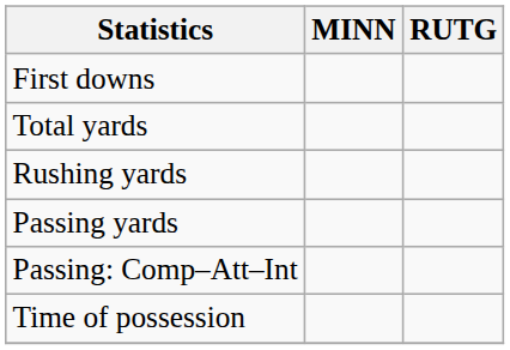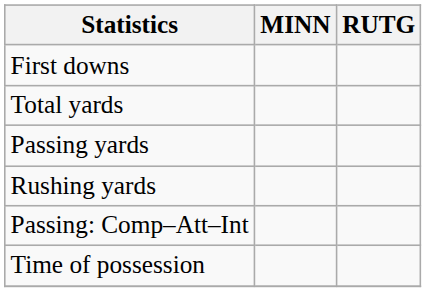 <table class="wikitable" style="float: left;">
 <tr>
 <th>Statistics</th>
 <th>MINN</th>
 <th>RUTG</th>
 </tr>
 <tr>
 <td>First downs</td>
 <td></td>
 <td></td>
 </tr>
 <tr>
 <td>Total yards</td>
 <td></td>
 <td></td>
 </tr>
 <tr>
-<td>Rushing yards</td>
+<td>Passing yards</td>
 <td></td>
 <td></td>
 </tr>
 <tr>
-<td>Passing yards</td>
+<td>Rushing yards</td>
 <td></td>
 <td></td>
 </tr>
 <tr>
 <td>Passing: Comp–Att–Int</td>
 <td></td>
 <td></td>
 </tr>
 <tr>
 <td>Time of possession</td>
 <td></td>
 <td></td>
 </tr>
 <tr>
 </tr>
 </table>
